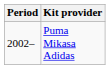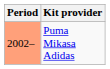 <table class="wikitable" style="text-align: left">
 <tr>
 <th>Period</th>
 <th>Kit provider</th>
 </tr>
 <tr>
-<td>2002–</td>
+<td style="background: lightsalmon;">2002–</td>
 <td><a href='#'>Puma</a><br><a href='#'>Mikasa</a><br><a href='#'>Adidas</a></td>
 </tr>
 </table>
